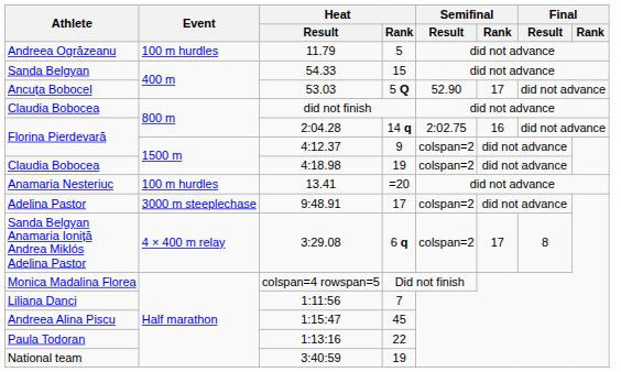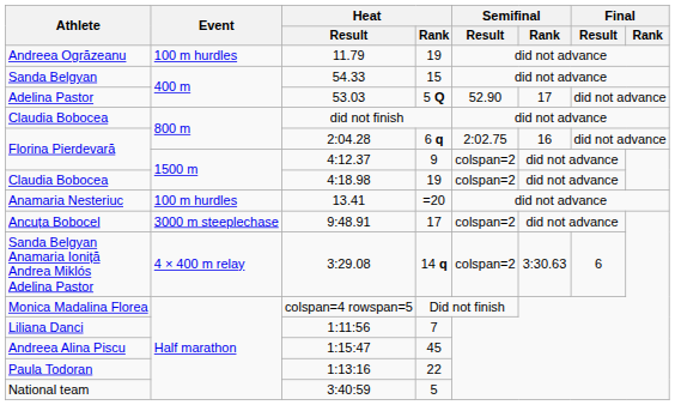 <table class=wikitable style="font-size:90%">
 <tr>
 <th rowspan=2>Athlete</th>
 <th rowspan=2>Event</th>
 <th colspan=2>Heat</th>
 <th colspan=2>Semifinal</th>
 <th colspan=2>Final</th>
 </tr>
 <tr style="font-size:95%">
 <th>Result</th>
 <th>Rank</th>
 <th>Result</th>
 <th>Rank</th>
 <th>Result</th>
 <th>Rank</th>
 </tr>
 <tr align=center>
 <td align=left><a href='#'>Andreea Ogrăzeanu</a></td>
 <td align=left><a href='#'>100 m hurdles</a></td>
 <td>11.79</td>
-<td>5</td>
+<td>19</td>
 <td colspan=4>did not advance</td>
 </tr>
 <tr align=center>
 <td align=left><a href='#'>Sanda Belgyan</a></td>
 <td align=left rowspan=2><a href='#'>400 m</a></td>
 <td>54.33</td>
 <td>15</td>
 <td colspan=4>did not advance</td>
 </tr>
 <tr align=center>
-<td align=left><a href='#'>Ancuța Bobocel</a></td>
+<td align=left><a href='#'>Adelina Pastor</a></td>
 <td>53.03 </td>
 <td>5 <strong>Q</strong></td>
 <td>52.90 </td>
 <td>17</td>
 <td colspan=2>did not advance</td>
 </tr>
 <tr align=center>
 <td align=left><a href='#'>Claudia Bobocea</a></td>
 <td align=left rowspan=2><a href='#'>800 m</a></td>
 <td colspan=2>did not finish</td>
 <td colspan=4>did not advance</td>
 </tr>
 <tr align=center>
 <td align=left rowspan=2><a href='#'>Florina Pierdevară</a></td>
 <td>2:04.28</td>
-<td>14 <strong>q</strong></td>
+<td>6 <strong>q</strong></td>
 <td>2:02.75</td>
 <td>16</td>
 <td colspan=2>did not advance</td>
 </tr>
 <tr align=center>
 <td align=left rowspan=2><a href='#'>1500 m</a></td>
 <td>4:12.37</td>
 <td>9</td>
 <td>colspan=2 </td>
 <td colspan=2>did not advance</td>
 </tr>
 <tr align=center>
 <td align=left><a href='#'>Claudia Bobocea</a></td>
 <td>4:18.98</td>
 <td>19</td>
 <td>colspan=2 </td>
 <td colspan=2>did not advance</td>
 </tr>
 <tr align=center>
 <td align=left><a href='#'>Anamaria Nesteriuc</a></td>
 <td align=left><a href='#'>100 m hurdles</a></td>
 <td>13.41</td>
 <td>=20</td>
 <td colspan=4>did not advance</td>
 </tr>
 <tr align=center>
-<td align=left><a href='#'>Adelina Pastor</a></td>
+<td align=left><a href='#'>Ancuța Bobocel</a></td>
 <td align=left><a href='#'>3000 m steeplechase</a></td>
 <td>9:48.91</td>
 <td>17</td>
 <td>colspan=2 </td>
 <td colspan=2>did not advance</td>
 </tr>
 <tr align=center>
 <td align=left><a href='#'>Sanda Belgyan</a><br><a href='#'>Anamaria Ioniță</a><br><a href='#'>Andrea Miklós</a><br><a href='#'>Adelina Pastor</a></td>
 <td align=left><a href='#'>4 × 400 m relay</a></td>
 <td>3:29.08 </td>
-<td>6 <strong>q</strong></td>
+<td>14 <strong>q</strong></td>
 <td>colspan=2 </td>
-<td>17</td>
-<td>8</td>
+<td>3:30.63</td>
+<td>6</td>
 </tr>
 <tr align=center>
 <td align=left><a href='#'>Monica Madalina Florea</a></td>
 <td align=left rowspan=5><a href='#'>Half marathon</a></td>
 <td>colspan=4 rowspan=5 </td>
 <td colspan=2>Did not finish</td>
 </tr>
 <tr align=center>
 <td align=left><a href='#'>Liliana Danci</a></td>
 <td>1:11:56</td>
 <td>7</td>
 </tr>
 <tr align=center>
 <td align=left><a href='#'>Andreea Alina Piscu</a></td>
 <td>1:15:47 </td>
 <td>45</td>
 </tr>
 <tr align=center>
 <td align=left><a href='#'>Paula Todoran</a></td>
 <td>1:13:16 </td>
 <td>22</td>
 </tr>
 <tr align=center>
 <td align=left>National team</td>
 <td>3:40:59</td>
-<td>19</td>
+<td>5</td>
 </tr>
 </table>
